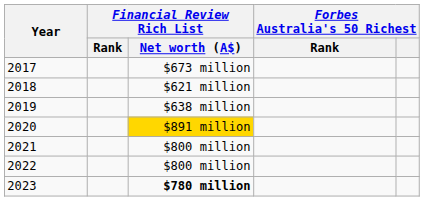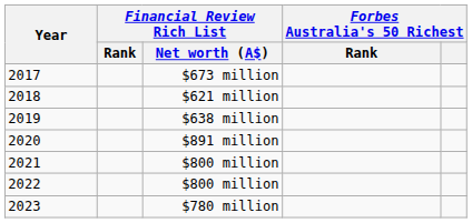 <table class="wikitable">
 <tr>
 <th rowspan=2>Year</th>
 <th colspan=2 width=40%><em><a href='#'>Financial Review</a></em><br><a href='#'>Rich List</a></th>
 <th colspan=2 width=40%><em><a href='#'>Forbes</a></em><br><a href='#'>Australia's 50 Richest</a></th>
 </tr>
 <tr>
 <th>Rank</th>
 <th><a href='#'>Net worth</a> (<a href='#'>A$</a>)</th>
 <th>Rank</th>
 <th></th>
 </tr>
 <tr>
 <td>2017</td>
 <td align="center"></td>
 <td align="right">$673 million</td>
 <td align="center"></td>
 <td align="right"></td>
 </tr>
 <tr>
 <td>2018</td>
 <td align="center"></td>
 <td align="right">$621 million </td>
 <td align="center"></td>
 <td align="right"></td>
 </tr>
 <tr>
 <td>2019</td>
 <td align="center"></td>
 <td align="right">$638 million </td>
 <td align="center"></td>
 <td align="right"></td>
 </tr>
 <tr>
 <td>2020</td>
 <td align="center"></td>
-<td align="right" style="background: gold;">$891 million </td>
+<td align="right">$891 million </td>
 <td align="center"></td>
 <td align="right"></td>
 </tr>
 <tr>
 <td>2021</td>
 <td align="center"></td>
 <td align="right">$800 million </td>
 <td align="center"></td>
 <td align="right"></td>
 </tr>
 <tr>
 <td>2022</td>
 <td align="center"></td>
 <td align="right">$800 million </td>
 <td align="center"></td>
 <td align="right"></td>
 </tr>
 <tr>
 <td>2023</td>
 <td align="center"></td>
-<td align="right"><strong>$780 million </strong></td>
+<td align="right">$780 million </td>
 <td align="center"></td>
 <td align="right"></td>
 </tr>
 </table>
